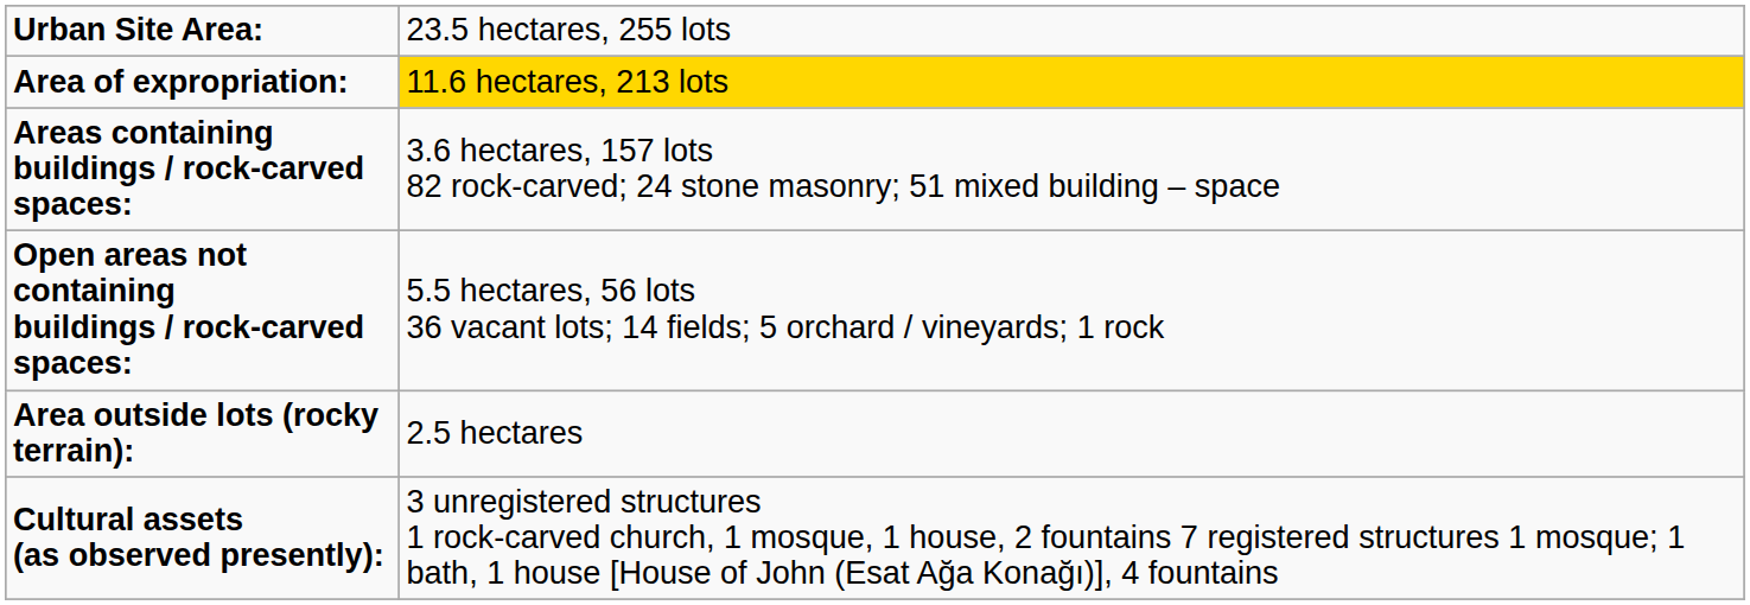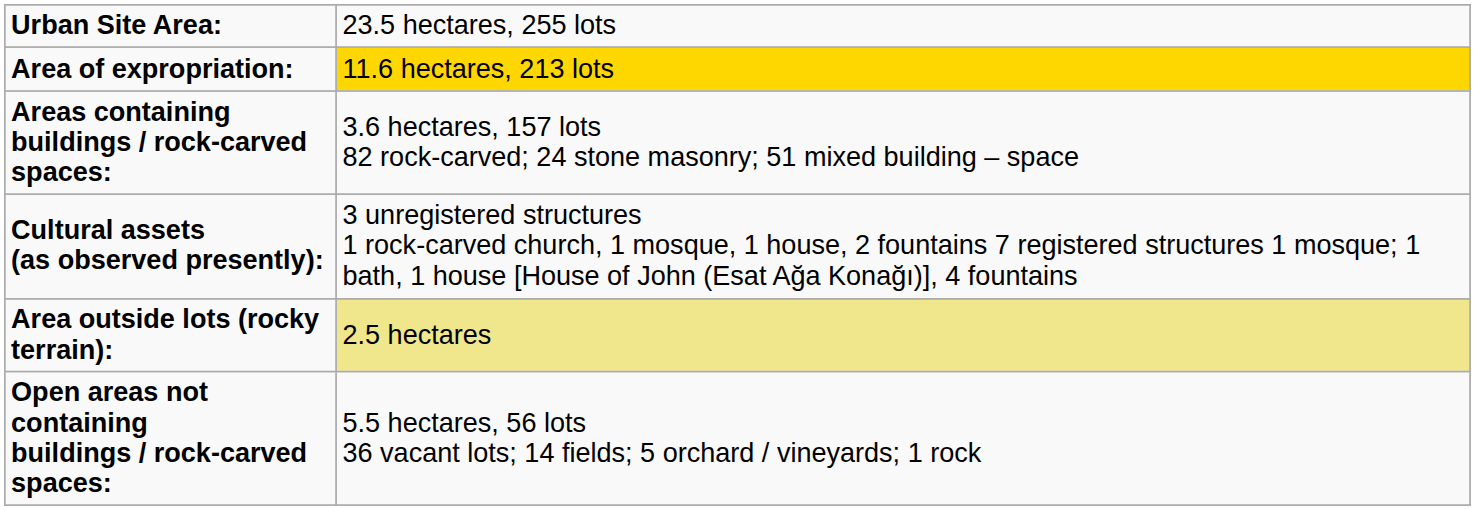 <table class="wikitable">
 <tr>
 <td><strong>Urban Site Area:</strong></td>
 <td>23.5 hectares, 255 lots</td>
 </tr>
 <tr>
 <td><strong>Area of expropriation:</strong></td>
 <td style="background: gold;">11.6 hectares, 213 lots</td>
 </tr>
 <tr>
 <td><strong>Areas containing</strong><br><strong>buildings / rock-carved spaces:</strong></td>
 <td>3.6 hectares, 157 lots<br>82 rock-carved;  24 stone masonry;  51 mixed building – space</td>
 </tr>
 <tr>
+<td><strong>Cultural assets</strong><br><strong>(as observed presently):</strong></td>
+<td>3 unregistered structures<br>1 rock-carved church,  1 mosque, 1 house,  2 fountains 7 registered structures 1 mosque; 1 bath, 1 house [House of John (Esat Ağa Konağı)], 4 fountains</td>
+</tr>
+<tr>
+<td><strong>Area outside lots (rocky terrain):</strong></td>
+<td style="background: khaki;">2.5 hectares</td>
+</tr>
+<tr>
 <td><strong>Open areas not containing</strong><br><strong>buildings / rock-carved spaces:</strong></td>
 <td>5.5 hectares, 56 lots<br>36 vacant lots;  14 fields; 5 orchard / vineyards; 1 rock</td>
 </tr>
-<tr>
-<td><strong>Area outside lots (rocky terrain):</strong></td>
-<td>2.5 hectares</td>
-</tr>
-<tr>
-<td><strong>Cultural assets</strong><br><strong>(as observed presently):</strong></td>
-<td>3 unregistered structures<br>1 rock-carved church,  1 mosque, 1 house,  2 fountains 7 registered structures 1 mosque; 1 bath, 1 house [House of John (Esat Ağa Konağı)], 4 fountains</td>
-</tr>
 </table>
